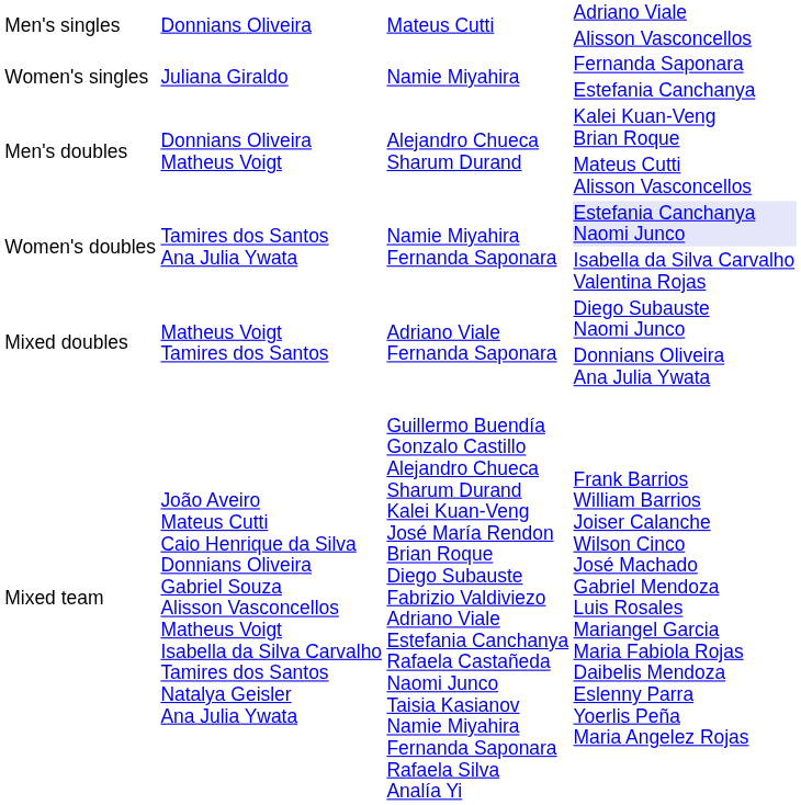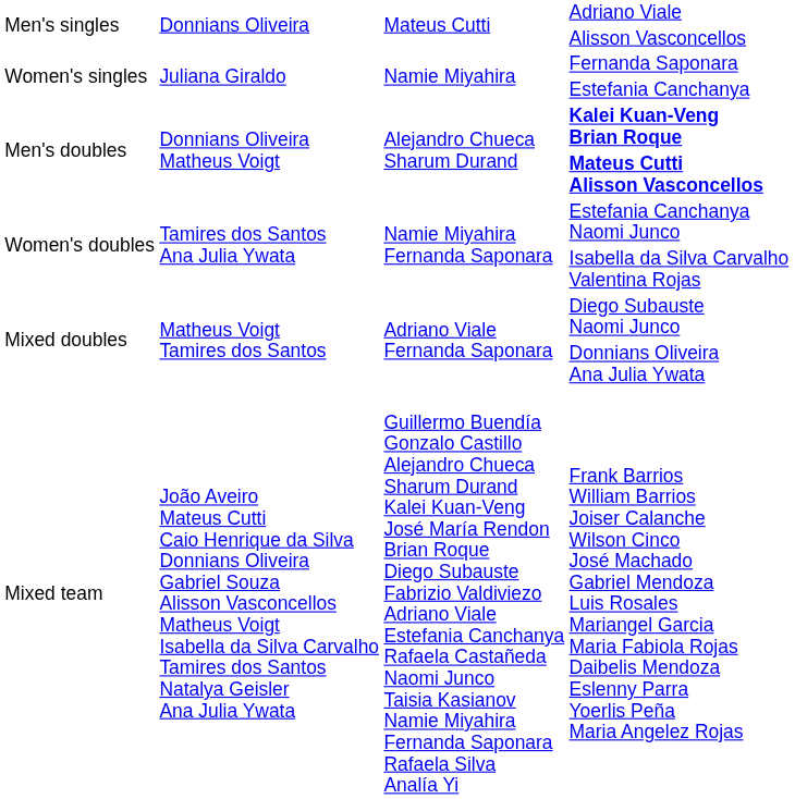 <table>
 <tr>
 <td rowspan="2">Men's singles</td>
 <td rowspan="2"> <a href='#'>Donnians Oliveira</a></td>
 <td rowspan="2"> <a href='#'>Mateus Cutti</a></td>
 <td> <a href='#'>Adriano Viale</a></td>
 </tr>
 <tr>
 <td> <a href='#'>Alisson Vasconcellos</a></td>
 </tr>
 <tr>
 <td rowspan="2">Women's singles</td>
 <td rowspan="2"> <a href='#'>Juliana Giraldo</a></td>
 <td rowspan="2"> <a href='#'>Namie Miyahira</a></td>
 <td> <a href='#'>Fernanda Saponara</a></td>
 </tr>
 <tr>
 <td> <a href='#'>Estefania Canchanya</a></td>
 </tr>
 <tr>
 <td rowspan="2">Men's doubles</td>
 <td rowspan="2"> <a href='#'>Donnians Oliveira</a><br> <a href='#'>Matheus Voigt</a></td>
 <td rowspan="2"> <a href='#'>Alejandro Chueca</a><br> <a href='#'>Sharum Durand</a></td>
-<td> <a href='#'>Kalei Kuan-Veng</a><br> <a href='#'>Brian Roque</a></td>
+<td><strong> <a href='#'>Kalei Kuan-Veng</a><br> <a href='#'>Brian Roque</a></strong></td>
 </tr>
 <tr>
-<td> <a href='#'>Mateus Cutti</a><br> <a href='#'>Alisson Vasconcellos</a></td>
+<td><strong> <a href='#'>Mateus Cutti</a><br> <a href='#'>Alisson Vasconcellos</a></strong></td>
 </tr>
 <tr>
 <td rowspan="2">Women's doubles</td>
 <td rowspan="2"> <a href='#'>Tamires dos Santos</a><br> <a href='#'>Ana Julia Ywata</a></td>
 <td rowspan="2"> <a href='#'>Namie Miyahira</a><br> <a href='#'>Fernanda Saponara</a></td>
-<td style="background: lavender;"> <a href='#'>Estefania Canchanya</a><br> <a href='#'>Naomi Junco</a></td>
+<td> <a href='#'>Estefania Canchanya</a><br> <a href='#'>Naomi Junco</a></td>
 </tr>
 <tr>
 <td> <a href='#'>Isabella da Silva Carvalho</a><br> <a href='#'>Valentina Rojas</a></td>
 </tr>
 <tr>
 <td rowspan="2">Mixed doubles</td>
 <td rowspan="2"> <a href='#'>Matheus Voigt</a><br> <a href='#'>Tamires dos Santos</a></td>
 <td rowspan="2"> <a href='#'>Adriano Viale</a><br> <a href='#'>Fernanda Saponara</a></td>
 <td> <a href='#'>Diego Subauste</a><br> <a href='#'>Naomi Junco</a></td>
 </tr>
 <tr>
 <td> <a href='#'>Donnians Oliveira</a><br> <a href='#'>Ana Julia Ywata</a></td>
 </tr>
 <tr>
 <td>Mixed team</td>
 <td align="left"><br><a href='#'>João Aveiro</a><br><a href='#'>Mateus Cutti</a><br><a href='#'>Caio Henrique da Silva</a><br><a href='#'>Donnians Oliveira</a><br><a href='#'>Gabriel Souza</a><br><a href='#'>Alisson Vasconcellos</a><br><a href='#'>Matheus Voigt</a><br><a href='#'>Isabella da Silva Carvalho</a><br><a href='#'>Tamires dos Santos</a><br><a href='#'>Natalya Geisler</a><br><a href='#'>Ana Julia Ywata</a></td>
 <td align="left"><br><a href='#'>Guillermo Buendía</a><br><a href='#'>Gonzalo Castillo</a><br><a href='#'>Alejandro Chueca</a><br><a href='#'>Sharum Durand</a><br><a href='#'>Kalei Kuan-Veng</a><br><a href='#'>José María Rendon</a><br><a href='#'>Brian Roque</a><br><a href='#'>Diego Subauste</a><br><a href='#'>Fabrizio Valdiviezo</a><br><a href='#'>Adriano Viale</a><br><a href='#'>Estefania Canchanya</a><br><a href='#'>Rafaela Castañeda</a><br><a href='#'>Naomi Junco</a><br><a href='#'>Taisia Kasianov</a><br><a href='#'>Namie Miyahira</a><br><a href='#'>Fernanda Saponara</a><br><a href='#'>Rafaela Silva</a><br><a href='#'>Analía Yi</a></td>
 <td align="left"><br><a href='#'>Frank Barrios</a><br><a href='#'>William Barrios</a><br><a href='#'>Joiser Calanche</a><br><a href='#'>Wilson Cinco</a><br><a href='#'>José Machado</a><br><a href='#'>Gabriel Mendoza</a><br><a href='#'>Luis Rosales</a><br><a href='#'>Mariangel Garcia</a><br><a href='#'>Maria Fabiola Rojas</a><br><a href='#'>Daibelis Mendoza</a><br><a href='#'>Eslenny Parra</a><br><a href='#'>Yoerlis Peña</a><br><a href='#'>Maria Angelez Rojas</a></td>
 </tr>
 </table>
